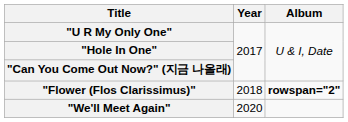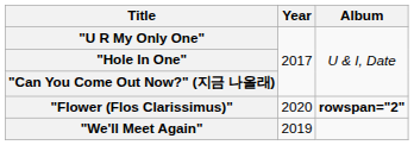 <table class="wikitable plainrowheaders" style="text-align:center;">
 <tr>
 <th scope="col">Title</th>
 <th scope="col">Year</th>
 <th scope="col">Album</th>
 </tr>
 <tr>
 <th scope="row">"U R My Only One"</th>
 <td rowspan="3">2017</td>
 <td rowspan="3"><em>U & I, Date</em></td>
 </tr>
 <tr>
 <th scope="row">"Hole In One"</th>
 </tr>
 <tr>
 <th scope="row">"Can You Come Out Now?" (지금 나올래)</th>
 </tr>
 <tr>
 <th scope="row">"Flower (Flos Clarissimus)"</th>
-<td>2018</td>
+<td>2020</td>
 <td><strong>rowspan="2" </strong></td>
 </tr>
 <tr>
 <th scope="row">"We'll Meet Again"</th>
-<td>2020</td>
+<td>2019</td>
 </tr>
 </table>
